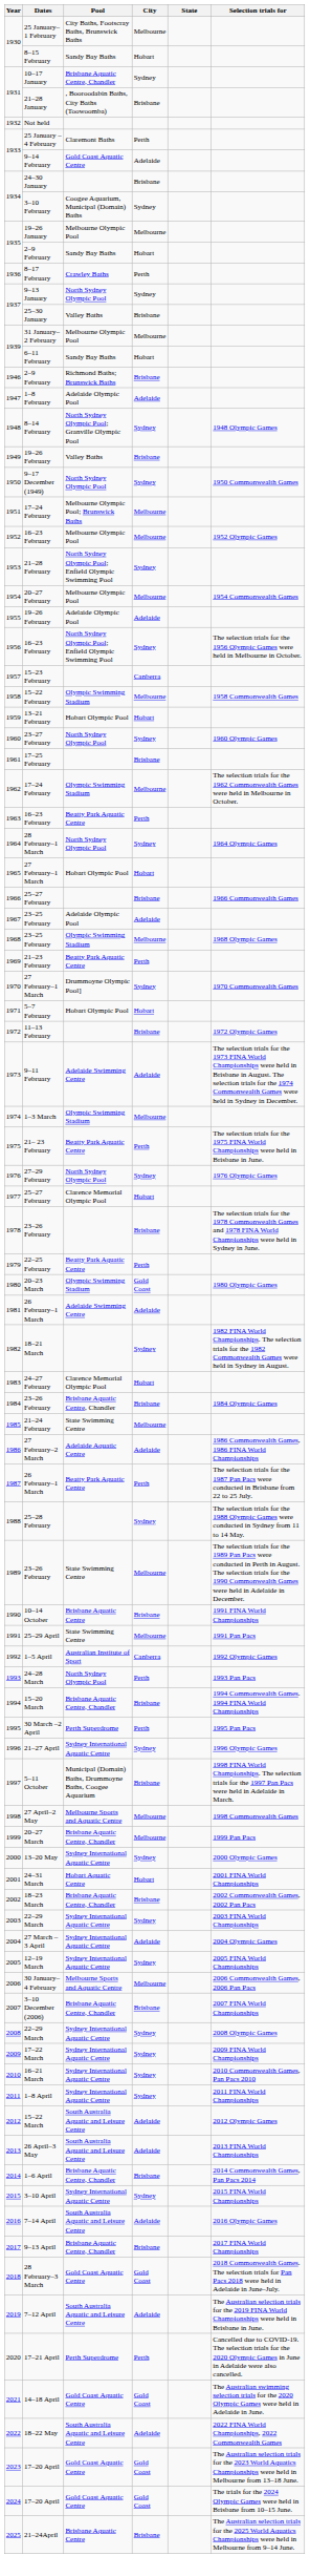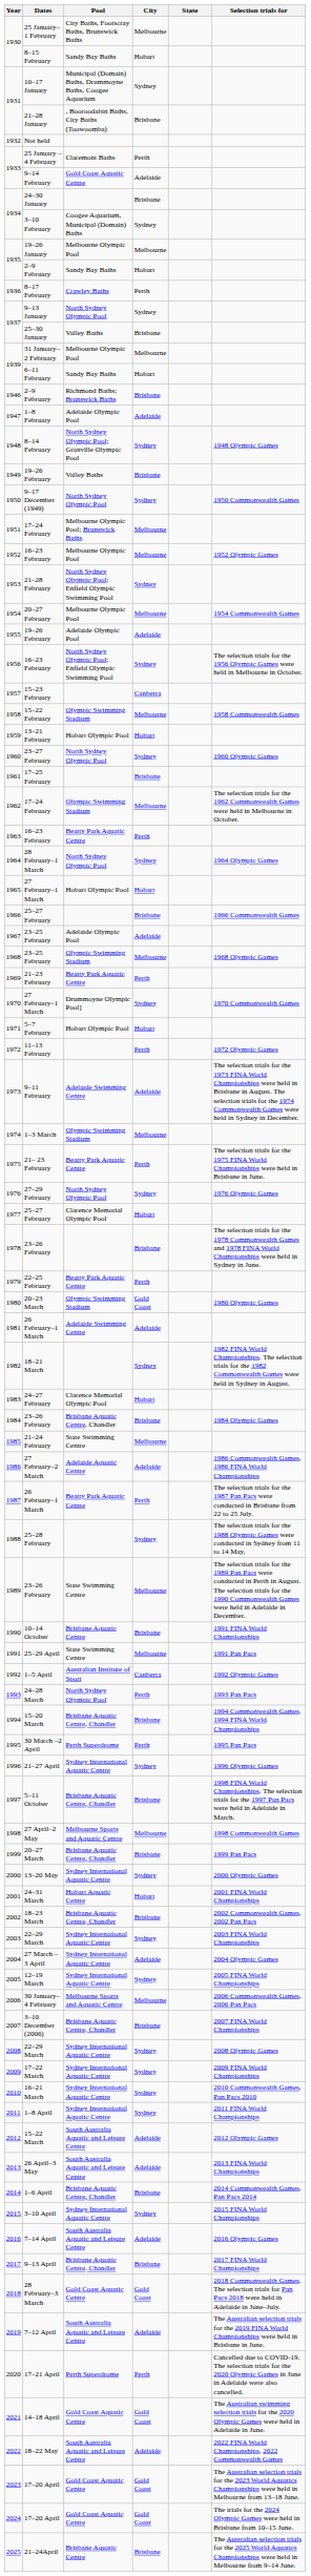 <table class="wikitable plainrowheaders" style="text-align:left; width:100%; font-size:95%;">
 <tr>
 <th width=25>Year</th>
 <th width=90>Dates</th>
 <th width=170>Pool</th>
 <th width=60>City</th>
 <th width=120>State</th>
 <th width=250>Selection trials for</th>
 </tr>
 <tr>
 <td rowspan="2">1930</td>
 <td>25 January–1 February</td>
 <td>City Baths, Footscray Baths, Brunswick Baths</td>
 <td>Melbourne</td>
 <td></td>
 <td></td>
 </tr>
 <tr>
 <td>8–15 February</td>
 <td>Sandy Bay Baths</td>
 <td>Hobart</td>
 <td></td>
 <td></td>
 </tr>
 <tr>
 <td rowspan="2">1931</td>
 <td>10–17 January</td>
-<td><a href='#'>Brisbane Aquatic Centre, Chandler</a></td>
+<td>Municipal (Domain) Baths, Drummoyne Baths, Coogee Aquarium</td>
 <td>Sydney</td>
 <td></td>
 <td></td>
 </tr>
 <tr>
 <td>21–28 January</td>
 <td>, Booroodabin Baths, City Baths (Toowoomba)</td>
 <td>Brisbane</td>
 <td></td>
 <td></td>
 </tr>
 <tr>
 <td>1932</td>
 <td>Not held</td>
 <td></td>
 <td></td>
 <td></td>
 <td></td>
 </tr>
 <tr>
 <td rowspan="2">1933</td>
 <td>25 January – 4 February</td>
 <td>Claremont Baths</td>
 <td>Perth</td>
 <td></td>
 <td></td>
 </tr>
 <tr>
 <td>9–14 February</td>
 <td><a href='#'>Gold Coast Aquatic Centre</a></td>
 <td>Adelaide</td>
 <td></td>
 <td></td>
 </tr>
 <tr>
 <td rowspan="2">1934</td>
 <td>24–30 January</td>
 <td></td>
 <td>Brisbane</td>
 <td></td>
 <td></td>
 </tr>
 <tr>
 <td>3–10 February</td>
 <td>Coogee Aquarium, Municipal (Domain) Baths</td>
 <td>Sydney</td>
 <td></td>
 <td></td>
 </tr>
 <tr>
 <td rowspan="2">1935</td>
 <td>19–26 January</td>
 <td>Melbourne Olympic Pool</td>
 <td>Melbourne</td>
 <td></td>
 <td></td>
 </tr>
 <tr>
 <td>2–9 February</td>
 <td>Sandy Bay Baths</td>
 <td>Hobart</td>
 <td></td>
 <td></td>
 </tr>
 <tr>
 <td>1936</td>
 <td>8–17 February</td>
 <td><a href='#'>Crawley Baths</a></td>
 <td>Perth</td>
 <td></td>
 <td></td>
 </tr>
 <tr>
 <td rowspan="2">1937</td>
 <td>9–13 January</td>
 <td><a href='#'>North Sydney Olympic Pool</a></td>
 <td>Sydney</td>
 <td></td>
 <td></td>
 </tr>
 <tr>
 <td>25–30 January</td>
 <td>Valley Baths</td>
 <td>Brisbane</td>
 <td></td>
 <td></td>
 </tr>
 <tr>
 <td rowspan="2">1939</td>
 <td>31 January–2 February</td>
 <td>Melbourne Olympic Pool</td>
 <td>Melbourne</td>
 <td></td>
 <td></td>
 </tr>
 <tr>
 <td>6–11 February</td>
 <td>Sandy Bay Baths</td>
 <td>Hobart</td>
 <td></td>
 <td></td>
 </tr>
 <tr>
 <td>1946</td>
 <td>2–9 February</td>
 <td>Richmond Baths; <a href='#'>Brunswick Baths</a></td>
 <td><a href='#'>Brisbane</a></td>
 <td></td>
 <td></td>
 </tr>
 <tr>
 <td>1947</td>
 <td>1–8 February</td>
 <td>Adelaide Olympic Pool</td>
 <td><a href='#'>Adelaide</a></td>
 <td></td>
 <td></td>
 </tr>
 <tr>
 <td>1948</td>
 <td>8–14 February</td>
 <td><a href='#'>North Sydney Olympic Pool</a>; Granville Olympic Pool</td>
 <td><a href='#'>Sydney</a></td>
 <td></td>
 <td><a href='#'>1948 Olympic Games</a></td>
 </tr>
 <tr>
 <td>1949</td>
 <td>19–26 February</td>
 <td>Valley Baths</td>
 <td><a href='#'>Brisbane</a></td>
 <td></td>
 <td></td>
 </tr>
 <tr>
 <td>1950</td>
 <td>9–17 December (1949)</td>
 <td><a href='#'>North Sydney Olympic Pool</a></td>
 <td><a href='#'>Sydney</a></td>
 <td></td>
 <td><a href='#'>1950 Commonwealth Games</a></td>
 </tr>
 <tr>
 <td>1951</td>
 <td>17–24 February</td>
 <td>Melbourne Olympic Pool; <a href='#'>Brunswick Baths</a></td>
 <td><a href='#'>Melbourne</a></td>
 <td></td>
 <td></td>
 </tr>
 <tr>
 <td>1952</td>
 <td>16–23 February</td>
 <td>Melbourne Olympic Pool</td>
 <td><a href='#'>Melbourne</a></td>
 <td></td>
 <td><a href='#'>1952 Olympic Games</a></td>
 </tr>
 <tr>
 <td>1953</td>
 <td>21–28 February</td>
 <td><a href='#'>North Sydney Olympic Pool</a>; Enfield Olympic Swimming Pool</td>
 <td><a href='#'>Sydney</a></td>
 <td></td>
 <td></td>
 </tr>
 <tr>
 <td>1954</td>
 <td>20–27 February</td>
 <td>Melbourne Olympic Pool</td>
 <td><a href='#'>Melbourne</a></td>
 <td></td>
 <td><a href='#'>1954 Commonwealth Games</a></td>
 </tr>
 <tr>
 <td>1955</td>
 <td>19–26 February</td>
 <td>Adelaide Olympic Pool</td>
 <td><a href='#'>Adelaide</a></td>
 <td></td>
 <td></td>
 </tr>
 <tr>
 <td>1956</td>
 <td>16–23 February</td>
 <td><a href='#'>North Sydney Olympic Pool</a>; Enfield Olympic Swimming Pool</td>
 <td><a href='#'>Sydney</a></td>
 <td></td>
 <td>The selection trials for the <a href='#'>1956 Olympic Games</a> were held in Melbourne in October.</td>
 </tr>
 <tr>
 <td>1957</td>
 <td>15–23 February</td>
 <td></td>
 <td><a href='#'>Canberra</a></td>
 <td></td>
 <td></td>
 </tr>
 <tr>
 <td>1958</td>
 <td>15–22 February</td>
 <td><a href='#'>Olympic Swimming Stadium</a></td>
 <td><a href='#'>Melbourne</a></td>
 <td></td>
 <td><a href='#'>1958 Commonwealth Games</a></td>
 </tr>
 <tr>
 <td>1959</td>
 <td>13–21 February</td>
 <td>Hobart Olympic Pool</td>
 <td><a href='#'>Hobart</a></td>
 <td></td>
 <td></td>
 </tr>
 <tr>
 <td>1960</td>
 <td>23–27 February</td>
 <td><a href='#'>North Sydney Olympic Pool</a></td>
 <td><a href='#'>Sydney</a></td>
 <td></td>
 <td><a href='#'>1960 Olympic Games</a></td>
 </tr>
 <tr>
 <td>1961</td>
 <td>17–25 February</td>
 <td></td>
 <td><a href='#'>Brisbane</a></td>
 <td></td>
 <td></td>
 </tr>
 <tr>
 <td>1962</td>
 <td>17–24 February</td>
 <td><a href='#'>Olympic Swimming Stadium</a></td>
 <td><a href='#'>Melbourne</a></td>
 <td></td>
 <td>The selection trials for the <a href='#'>1962 Commonwealth Games</a> were held in Melbourne in October.</td>
 </tr>
 <tr>
 <td>1963</td>
 <td>16–23 February</td>
 <td><a href='#'>Beatty Park Aquatic Centre</a></td>
 <td><a href='#'>Perth</a></td>
 <td></td>
 <td></td>
 </tr>
 <tr>
 <td>1964</td>
 <td>28 February–1 March</td>
 <td><a href='#'>North Sydney Olympic Pool</a></td>
 <td><a href='#'>Sydney</a></td>
 <td></td>
 <td><a href='#'>1964 Olympic Games</a></td>
 </tr>
 <tr>
 <td>1965</td>
 <td>27 February–1 March</td>
 <td>Hobart Olympic Pool</td>
 <td><a href='#'>Hobart</a></td>
 <td></td>
 <td></td>
 </tr>
 <tr>
 <td>1966</td>
 <td>25–27 February</td>
 <td></td>
 <td><a href='#'>Brisbane</a></td>
 <td></td>
 <td><a href='#'>1966 Commonwealth Games</a></td>
 </tr>
 <tr>
 <td>1967</td>
 <td>23–25 February</td>
 <td>Adelaide Olympic Pool</td>
 <td><a href='#'>Adelaide</a></td>
 <td></td>
 <td></td>
 </tr>
 <tr>
 <td>1968</td>
 <td>23–25 February</td>
 <td><a href='#'>Olympic Swimming Stadium</a></td>
 <td><a href='#'>Melbourne</a></td>
 <td></td>
 <td><a href='#'>1968 Olympic Games</a></td>
 </tr>
 <tr>
 <td>1969</td>
 <td>21–23 February</td>
 <td><a href='#'>Beatty Park Aquatic Centre</a></td>
 <td><a href='#'>Perth</a></td>
 <td></td>
 <td></td>
 </tr>
 <tr>
 <td>1970</td>
 <td>27 February–1 March</td>
 <td>Drummoyne Olympic Pool]</td>
 <td><a href='#'>Sydney</a></td>
 <td></td>
 <td><a href='#'>1970 Commonwealth Games</a></td>
 </tr>
 <tr>
 <td>1971</td>
 <td>5–7 February</td>
 <td>Hobart Olympic Pool</td>
 <td><a href='#'>Hobart</a></td>
 <td></td>
 <td></td>
 </tr>
 <tr>
 <td>1972</td>
 <td>11–13 February</td>
 <td></td>
-<td><a href='#'>Brisbane</a></td>
+<td><a href='#'>Perth</a></td>
 <td></td>
 <td><a href='#'>1972 Olympic Games</a></td>
 </tr>
 <tr>
 <td>1973</td>
 <td>9–11 February</td>
 <td><a href='#'>Adelaide Swimming Centre</a></td>
 <td><a href='#'>Adelaide</a></td>
 <td></td>
 <td>The selection trials for the <a href='#'>1973 FINA World Championships</a> were held in Brisbane in August. The selection trials for the <a href='#'>1974 Commonwealth Games</a> were held in Sydney in December.</td>
 </tr>
 <tr>
 <td>1974</td>
 <td>1–3 March</td>
 <td><a href='#'>Olympic Swimming Stadium</a></td>
 <td><a href='#'>Melbourne</a></td>
 <td></td>
 <td></td>
 </tr>
 <tr>
 <td>1975</td>
 <td>21– 23 February</td>
 <td><a href='#'>Beatty Park Aquatic Centre</a></td>
 <td><a href='#'>Perth</a></td>
 <td></td>
 <td>The selection trials for the <a href='#'>1975 FINA World Championships</a> were held in Brisbane in June.</td>
 </tr>
 <tr>
 <td>1976</td>
 <td>27–29 February</td>
 <td><a href='#'>North Sydney Olympic Pool</a></td>
 <td><a href='#'>Sydney</a></td>
 <td></td>
 <td><a href='#'>1976 Olympic Games</a></td>
 </tr>
 <tr>
 <td>1977</td>
 <td>25–27 February</td>
 <td>Clarence Memorial Olympic Pool</td>
 <td><a href='#'>Hobart</a></td>
 <td></td>
 <td></td>
 </tr>
 <tr>
 <td>1978</td>
 <td>23–26 February</td>
 <td></td>
 <td><a href='#'>Brisbane</a></td>
 <td></td>
 <td>The selection trials for the <a href='#'>1978 Commonwealth Games</a> and <a href='#'>1978 FINA World Championships</a> were held in Sydney in June.</td>
 </tr>
 <tr>
 <td>1979</td>
 <td>22–25 February</td>
 <td><a href='#'>Beatty Park Aquatic Centre</a></td>
 <td><a href='#'>Perth</a></td>
 <td></td>
 <td></td>
 </tr>
 <tr>
 <td>1980</td>
 <td>20–23 March</td>
 <td><a href='#'>Olympic Swimming Stadium</a></td>
 <td><a href='#'>Gold Coast</a></td>
 <td></td>
 <td><a href='#'>1980 Olympic Games</a></td>
 </tr>
 <tr>
 <td>1981</td>
 <td>26 February–1 March</td>
 <td><a href='#'>Adelaide Swimming Centre</a></td>
 <td><a href='#'>Adelaide</a></td>
 <td></td>
 <td></td>
 </tr>
 <tr>
 <td>1982</td>
 <td>18–21 March</td>
 <td></td>
 <td><a href='#'>Sydney</a></td>
 <td></td>
 <td><a href='#'>1982 FINA World Championships</a>. The selection trials for the <a href='#'>1982 Commonwealth Games</a> were held in Sydney in August.</td>
 </tr>
 <tr>
 <td>1983</td>
 <td>24–27 February</td>
 <td>Clarence Memorial Olympic Pool</td>
 <td><a href='#'>Hobart</a></td>
 <td></td>
 <td></td>
 </tr>
 <tr>
 <td>1984</td>
 <td>23–26 February</td>
 <td><a href='#'>Brisbane Aquatic Centre</a>, Chandler</td>
 <td><a href='#'>Brisbane</a></td>
 <td></td>
 <td><a href='#'>1984 Olympic Games</a></td>
 </tr>
 <tr>
 <td><a href='#'>1985</a></td>
 <td>21–24 February</td>
 <td>State Swimming Centre</td>
 <td><a href='#'>Melbourne</a></td>
 <td></td>
 <td></td>
 </tr>
 <tr>
 <td><a href='#'>1986</a></td>
 <td>27 February–2 March</td>
 <td><a href='#'>Adelaide Aquatic Centre</a></td>
 <td><a href='#'>Adelaide</a></td>
 <td></td>
 <td><a href='#'>1986 Commonwealth Games</a>, <a href='#'>1986 FINA World Championships</a></td>
 </tr>
 <tr>
 <td><a href='#'>1987</a></td>
 <td>26 February–1 March</td>
 <td><a href='#'>Beatty Park Aquatic Centre</a></td>
 <td><a href='#'>Perth</a></td>
 <td></td>
 <td>The selection trials for the <a href='#'>1987 Pan Pacs</a> were conducted in Brisbane from 22 to 25 July.</td>
 </tr>
 <tr>
 <td>1988</td>
 <td>25–28 February</td>
 <td></td>
 <td><a href='#'>Sydney</a></td>
 <td></td>
 <td>The selection trials for the <a href='#'>1988 Olympic Games</a> were conducted in Sydney from 11 to 14 May.</td>
 </tr>
 <tr>
 <td>1989</td>
 <td>23–26 February</td>
 <td>State Swimming Centre</td>
 <td><a href='#'>Melbourne</a></td>
 <td></td>
 <td>The selection trials for the <a href='#'>1989 Pan Pacs</a> were conducted in Perth in August. The selection trials for the <a href='#'>1990 Commonwealth Games</a> were held in Adelaide in December.</td>
 </tr>
 <tr>
 <td>1990</td>
 <td>10–14 October</td>
 <td><a href='#'>Brisbane Aquatic Centre</a></td>
 <td><a href='#'>Brisbane</a></td>
 <td></td>
 <td><a href='#'>1991 FINA World Championships</a></td>
 </tr>
 <tr>
 <td>1991</td>
 <td>25–29 April</td>
 <td>State Swimming Centre</td>
 <td><a href='#'>Melbourne</a></td>
 <td></td>
 <td><a href='#'>1991 Pan Pacs</a></td>
 </tr>
 <tr>
 <td>1992</td>
 <td>1–5 April</td>
 <td><a href='#'>Australian Institute of Sport</a></td>
 <td><a href='#'>Canberra</a></td>
 <td></td>
 <td><a href='#'>1992 Olympic Games</a></td>
 </tr>
 <tr>
 <td><a href='#'>1993</a></td>
 <td>24–28 March</td>
 <td><a href='#'>North Sydney Olympic Pool</a></td>
 <td><a href='#'>Perth</a></td>
 <td></td>
 <td><a href='#'>1993 Pan Pacs</a></td>
 </tr>
 <tr>
 <td>1994</td>
 <td>15–20 March</td>
 <td><a href='#'>Brisbane Aquatic Centre, Chandler</a></td>
 <td><a href='#'>Brisbane</a></td>
 <td></td>
 <td><a href='#'>1994 Commonwealth Games</a>. <a href='#'>1994 FINA World Championships</a></td>
 </tr>
 <tr>
 <td>1995</td>
 <td>30 March –2 April</td>
 <td><a href='#'>Perth Superdrome</a></td>
 <td><a href='#'>Perth</a></td>
 <td></td>
 <td><a href='#'>1995 Pan Pacs</a></td>
 </tr>
 <tr>
 <td>1996</td>
 <td>21–27 April</td>
 <td><a href='#'>Sydney International Aquatic Centre</a></td>
 <td><a href='#'>Sydney</a></td>
 <td></td>
 <td><a href='#'>1996 Olympic Games</a></td>
 </tr>
 <tr>
 <td>1997</td>
 <td>5–11 October</td>
-<td>Municipal (Domain) Baths, Drummoyne Baths, Coogee Aquarium</td>
+<td><a href='#'>Brisbane Aquatic Centre, Chandler</a></td>
 <td><a href='#'>Brisbane</a></td>
 <td></td>
 <td><a href='#'>1998 FINA World Championships</a>. The selection trials for the <a href='#'>1997 Pan Pacs</a> were held in Adelaide in March.</td>
 </tr>
 <tr>
 <td>1998</td>
 <td>27 April–2 May</td>
 <td><a href='#'>Melbourne Sports and Aquatic Centre</a></td>
 <td><a href='#'>Melbourne</a></td>
 <td></td>
 <td><a href='#'>1998 Commonwealth Games</a></td>
 </tr>
 <tr>
 <td>1999</td>
 <td>20–27 March</td>
 <td><a href='#'>Brisbane Aquatic Centre, Chandler</a></td>
-<td><a href='#'>Melbourne</a></td>
+<td><a href='#'>Brisbane</a></td>
 <td></td>
 <td><a href='#'>1999 Pan Pacs</a></td>
 </tr>
 <tr>
 <td>2000</td>
 <td>13–20 May</td>
 <td><a href='#'>Sydney International Aquatic Centre</a></td>
 <td><a href='#'>Sydney</a></td>
 <td></td>
 <td><a href='#'>2000 Olympic Games</a></td>
 </tr>
 <tr>
 <td>2001</td>
 <td>24–31 March</td>
 <td><a href='#'>Hobart Aquatic Centre</a></td>
 <td><a href='#'>Hobart</a></td>
 <td></td>
 <td><a href='#'>2001 FINA World Championships</a></td>
 </tr>
 <tr>
 <td>2002</td>
 <td>18–23 March</td>
 <td><a href='#'>Brisbane Aquatic Centre, Chandler</a></td>
 <td><a href='#'>Brisbane</a></td>
 <td></td>
 <td><a href='#'>2002 Commonwealth Games</a>, <a href='#'>2002 Pan Pacs</a></td>
 </tr>
 <tr>
 <td>2003</td>
 <td>22–29 March</td>
 <td><a href='#'>Sydney International Aquatic Centre</a></td>
 <td><a href='#'>Sydney</a></td>
 <td></td>
 <td><a href='#'>2003 FINA World Championships</a></td>
 </tr>
 <tr>
 <td>2004</td>
 <td>27 March – 3 April</td>
 <td><a href='#'>Sydney International Aquatic Centre</a></td>
 <td><a href='#'>Adelaide</a></td>
 <td></td>
 <td><a href='#'>2004 Olympic Games</a></td>
 </tr>
 <tr>
 <td>2005</td>
 <td>12–19 March</td>
 <td><a href='#'>Sydney International Aquatic Centre</a></td>
 <td><a href='#'>Sydney</a></td>
 <td></td>
 <td><a href='#'>2005 FINA World Championships</a></td>
 </tr>
 <tr>
 <td>2006</td>
 <td>30 January–4 February</td>
 <td><a href='#'>Melbourne Sports and Aquatic Centre</a></td>
 <td><a href='#'>Melbourne</a></td>
 <td></td>
 <td><a href='#'>2006 Commonwealth Games</a>, <a href='#'>2006 Pan Pacs</a></td>
 </tr>
 <tr>
 <td>2007</td>
 <td>3–10 December (2006)</td>
 <td><a href='#'>Brisbane Aquatic Centre, Chandler</a></td>
 <td><a href='#'>Brisbane</a></td>
 <td></td>
 <td><a href='#'>2007 FINA World Championships</a></td>
 </tr>
 <tr>
 <td><a href='#'>2008</a></td>
 <td>22–29 March</td>
 <td><a href='#'>Sydney International Aquatic Centre</a></td>
 <td><a href='#'>Sydney</a></td>
 <td></td>
 <td><a href='#'>2008 Olympic Games</a></td>
 </tr>
 <tr>
 <td><a href='#'>2009</a></td>
 <td>17–22 March</td>
 <td><a href='#'>Sydney International Aquatic Centre</a></td>
 <td><a href='#'>Sydney</a></td>
 <td></td>
 <td><a href='#'>2009 FINA World Championships</a></td>
 </tr>
 <tr>
 <td><a href='#'>2010</a></td>
 <td>16–21 March</td>
 <td><a href='#'>Sydney International Aquatic Centre</a></td>
 <td><a href='#'>Sydney</a></td>
 <td></td>
 <td><a href='#'>2010 Commonwealth Games</a>, <a href='#'>Pan Pacs 2010</a></td>
 </tr>
 <tr>
 <td><a href='#'>2011</a></td>
 <td>1–8 April</td>
 <td><a href='#'>Sydney International Aquatic Centre</a></td>
 <td><a href='#'>Sydney</a></td>
 <td></td>
 <td><a href='#'>2011 FINA World Championships</a></td>
 </tr>
 <tr>
 <td><a href='#'>2012</a></td>
 <td>15–22 March</td>
 <td><a href='#'>South Australia Aquatic and Leisure Centre</a></td>
 <td><a href='#'>Adelaide</a></td>
 <td></td>
 <td><a href='#'>2012 Olympic Games</a></td>
 </tr>
 <tr>
 <td><a href='#'>2013</a></td>
 <td>26 April–3 May</td>
 <td><a href='#'>South Australia Aquatic and Leisure Centre</a></td>
 <td><a href='#'>Adelaide</a></td>
 <td></td>
 <td><a href='#'>2013 FINA World Championships</a></td>
 </tr>
 <tr>
 <td><a href='#'>2014</a></td>
 <td>1–6 April</td>
 <td><a href='#'>Brisbane Aquatic Centre, Chandler</a></td>
 <td><a href='#'>Brisbane</a></td>
 <td></td>
 <td><a href='#'>2014 Commonwealth Games</a>, <a href='#'>Pan Pacs 2014</a></td>
 </tr>
 <tr>
 <td><a href='#'>2015</a></td>
 <td>3–10 April</td>
 <td><a href='#'>Sydney International Aquatic Centre</a></td>
 <td><a href='#'>Sydney</a></td>
 <td></td>
 <td><a href='#'>2015 FINA World Championships</a></td>
 </tr>
 <tr>
 <td><a href='#'>2016</a></td>
 <td>7–14 April</td>
 <td><a href='#'>South Australia Aquatic and Leisure Centre</a></td>
 <td><a href='#'>Adelaide</a></td>
 <td></td>
 <td><a href='#'>2016 Olympic Games</a></td>
 </tr>
 <tr>
 <td><a href='#'>2017</a></td>
 <td>9–13 April</td>
 <td><a href='#'>Brisbane Aquatic Centre, Chandler</a></td>
 <td><a href='#'>Brisbane</a></td>
 <td></td>
 <td><a href='#'>2017 FINA World Championships</a></td>
 </tr>
 <tr>
 <td><a href='#'>2018</a></td>
 <td>28 February–3 March</td>
 <td><a href='#'>Gold Coast Aquatic Centre</a></td>
 <td><a href='#'>Gold Coast</a></td>
 <td></td>
 <td><a href='#'>2018 Commonwealth Games</a>. The selection trials for <a href='#'>Pan Pacs 2018</a> were held in Adelaide in June–July.</td>
 </tr>
 <tr>
 <td><a href='#'>2019</a></td>
 <td>7–12 April</td>
 <td><a href='#'>South Australia Aquatic and Leisure Centre</a></td>
 <td><a href='#'>Adelaide</a></td>
 <td></td>
 <td>The <a href='#'>Australian selection trials</a> for the <a href='#'>2019 FINA World Championships</a> were held in Brisbane in June.</td>
 </tr>
 <tr>
 <td>2020</td>
 <td>17–21 April</td>
 <td><a href='#'>Perth Superdrome</a></td>
 <td><a href='#'>Perth</a></td>
 <td></td>
 <td>Cancelled due to COVID-19. The selection trials for the <a href='#'>2020 Olympic Games</a> in June in Adelaide were also cancelled.</td>
 </tr>
 <tr>
 <td><a href='#'>2021</a></td>
 <td>14–18 April</td>
 <td><a href='#'>Gold Coast Aquatic Centre</a></td>
 <td><a href='#'>Gold Coast</a></td>
 <td></td>
 <td>The <a href='#'>Australian swimming selection trials</a> for the <a href='#'>2020 Olympic Games</a> were held in Adelaide in June.</td>
 </tr>
 <tr>
 <td><a href='#'>2022</a></td>
 <td>18–22 May</td>
 <td><a href='#'>South Australia Aquatic and Leisure Centre</a></td>
 <td><a href='#'>Adelaide</a></td>
 <td></td>
 <td><a href='#'>2022 FINA World Championships</a>, <a href='#'>2022 Commonwealth Games</a></td>
 </tr>
 <tr>
 <td><a href='#'>2023</a></td>
 <td>17–20 April</td>
 <td><a href='#'>Gold Coast Aquatic Centre</a></td>
 <td><a href='#'>Gold Coast</a></td>
 <td></td>
 <td>The <a href='#'>Australian selection trials</a> for the <a href='#'>2023 World Aquatics Championships</a> were held in Melbourne from 13–18 June.</td>
 </tr>
 <tr>
 <td><a href='#'>2024</a></td>
 <td>17–20 April</td>
 <td><a href='#'>Gold Coast Aquatic Centre</a></td>
 <td><a href='#'>Gold Coast</a></td>
 <td></td>
 <td>The trials for the <a href='#'>2024 Olympic Games</a> were held in Brisbane from 10–15 June.</td>
 </tr>
 <tr>
 <td><a href='#'>2025</a></td>
 <td>21–24April</td>
 <td><a href='#'>Brisbane Aquatic Centre</a></td>
 <td><a href='#'>Brisbane</a></td>
 <td></td>
 <td>The <a href='#'>Australian selection trials</a> for the <a href='#'>2025 World Aquatics Championships</a> were held in Melbourne from 9–14 June.</td>
 </tr>
 </table>
